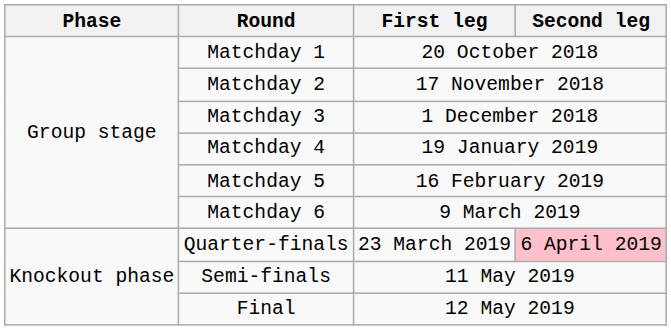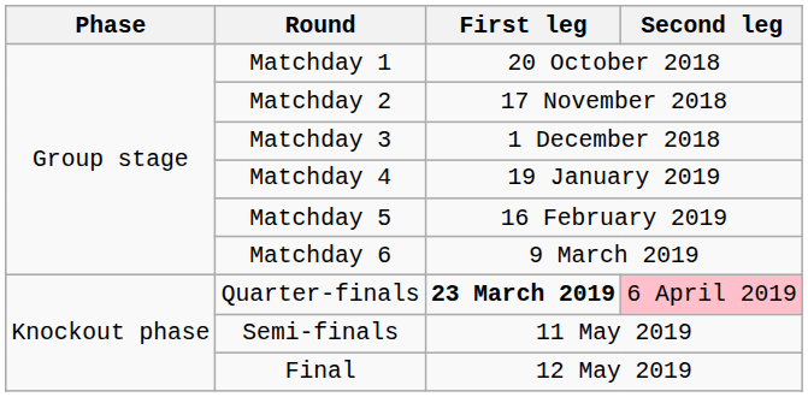 <table class="wikitable" style="text-align:center">
 <tr>
 <th>Phase</th>
 <th>Round</th>
 <th>First leg</th>
 <th>Second leg</th>
 </tr>
 <tr>
 <td rowspan=6>Group stage</td>
 <td>Matchday 1</td>
 <td colspan=2>20 October 2018</td>
 </tr>
 <tr>
 <td>Matchday 2</td>
 <td colspan=2>17 November 2018</td>
 </tr>
 <tr>
 <td>Matchday 3</td>
 <td colspan=2>1 December 2018</td>
 </tr>
 <tr>
 <td>Matchday 4</td>
 <td colspan=2>19 January 2019</td>
 </tr>
 <tr>
 <td>Matchday 5</td>
 <td colspan=2>16 February 2019</td>
 </tr>
 <tr>
 <td>Matchday 6</td>
 <td colspan=2>9 March 2019</td>
 </tr>
 <tr>
 <td rowspan=3>Knockout phase</td>
 <td>Quarter-finals</td>
-<td>23 March 2019</td>
+<td><strong>23 March 2019</strong></td>
 <td style="background: pink;">6 April 2019</td>
 </tr>
 <tr>
 <td>Semi-finals</td>
 <td colspan=2>11 May 2019</td>
 </tr>
 <tr>
 <td>Final</td>
 <td colspan=2>12 May 2019</td>
 </tr>
 </table>
